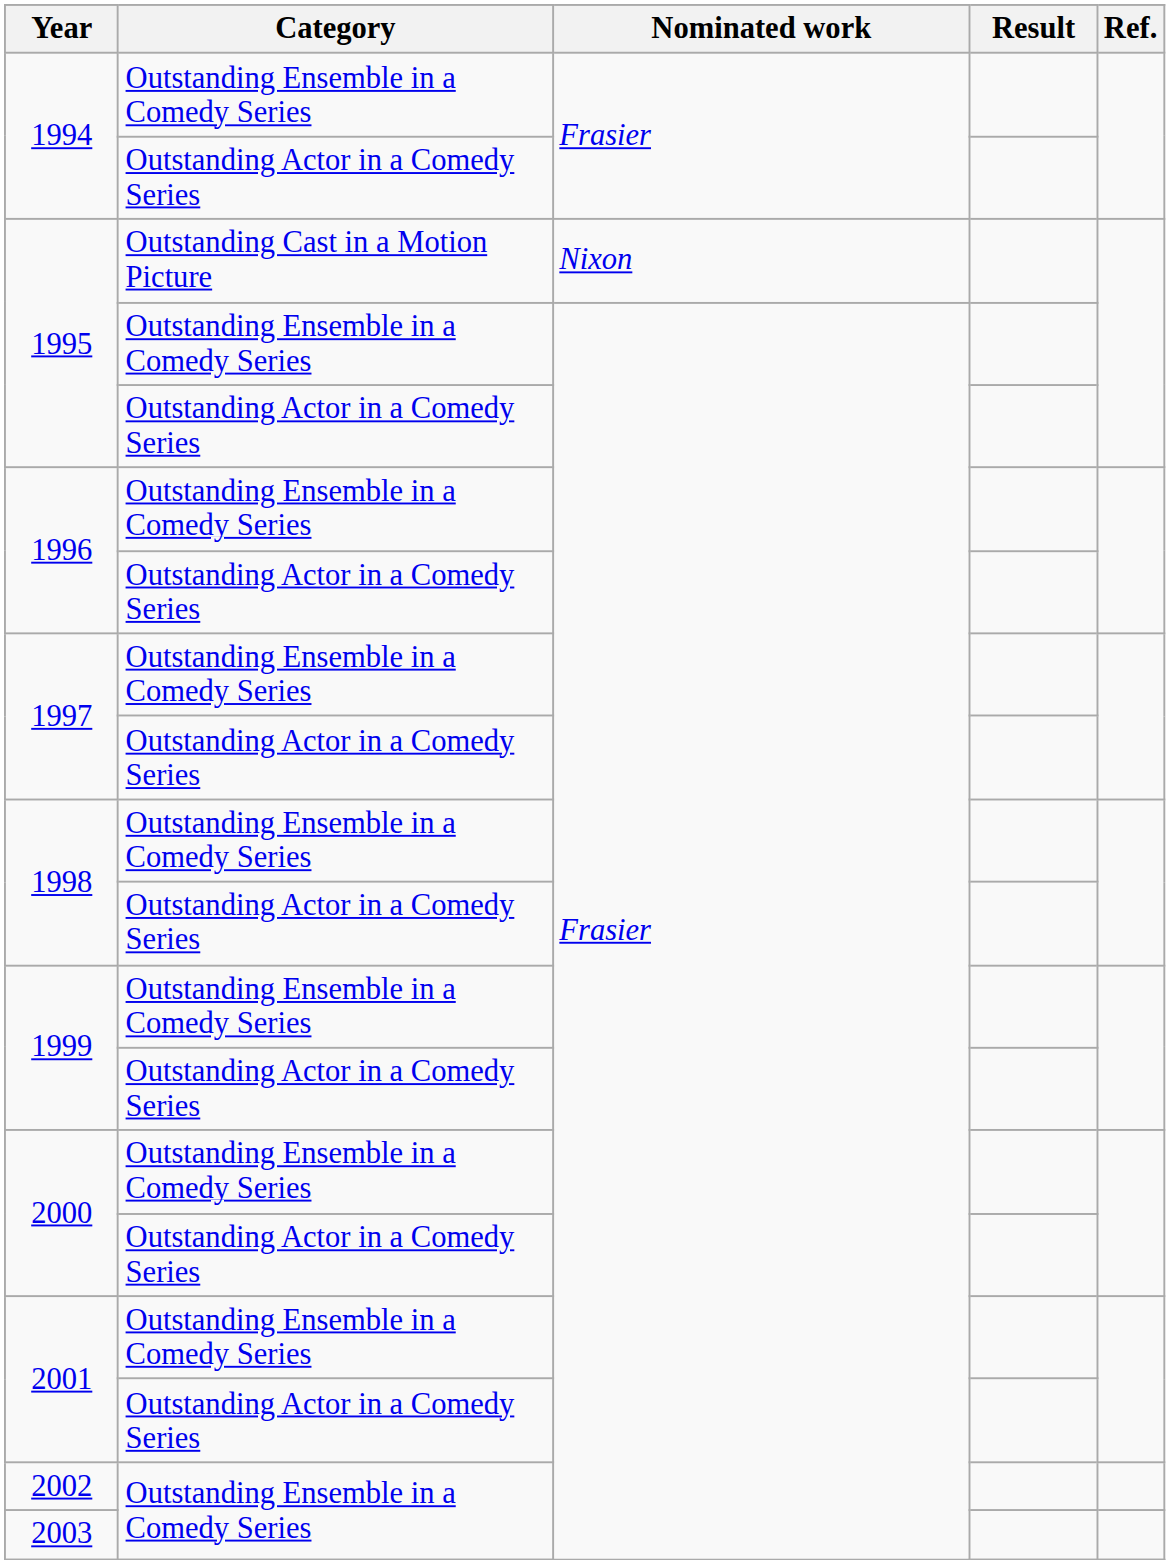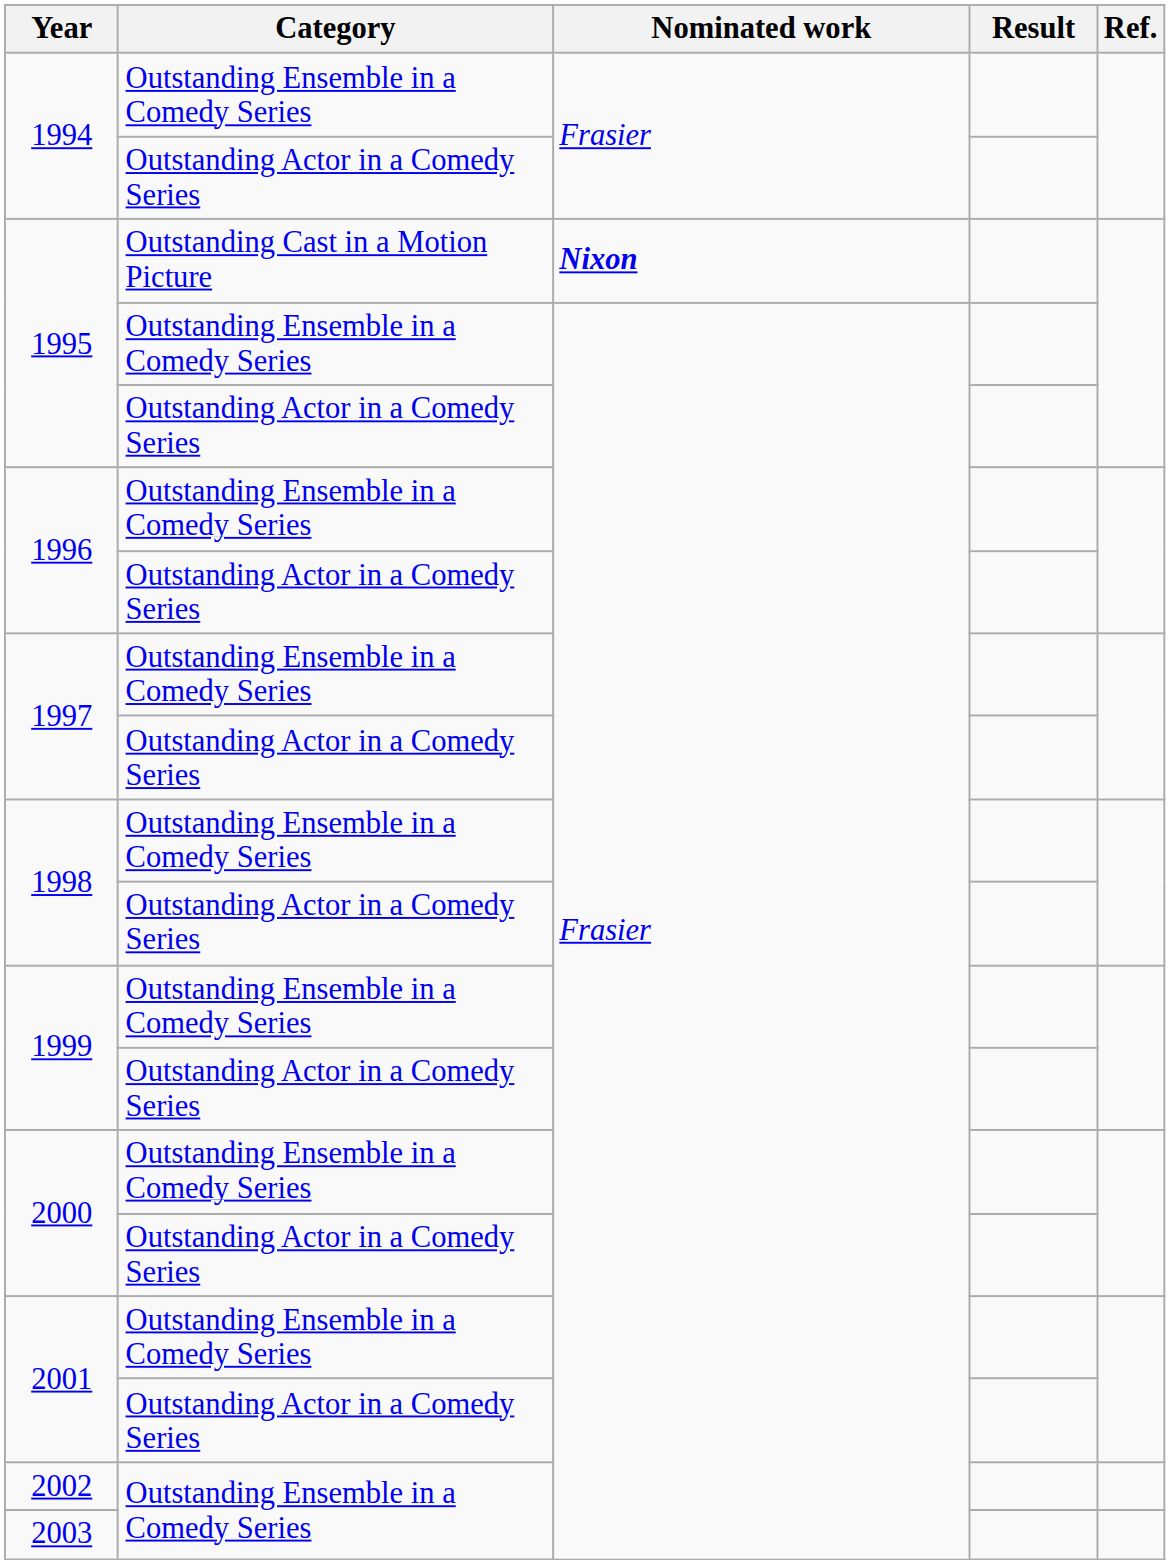 <table class=wikitable>
 <tr>
 <th scope="col" style="width:5em;">Year</th>
 <th scope="col" style="width:26em;">Category</th>
 <th scope="col" style="width:25em;">Nominated work</th>
 <th scope="col" style="width:5em;">Result</th>
 <th>Ref.</th>
 </tr>
 <tr>
 <td style="text-align:center;", rowspan=2><a href='#'>1994</a></td>
 <td><a href='#'>Outstanding Ensemble in a Comedy Series</a></td>
 <td rowspan=2><em><a href='#'>Frasier</a></em></td>
 <td></td>
 <td rowspan=2></td>
 </tr>
 <tr>
 <td><a href='#'>Outstanding Actor in a Comedy Series</a></td>
 <td></td>
 </tr>
 <tr>
 <td style="text-align:center;", rowspan=3><a href='#'>1995</a></td>
 <td><a href='#'>Outstanding Cast in a Motion Picture</a></td>
-<td><em><a href='#'>Nixon</a></em></td>
+<td><strong><em><a href='#'>Nixon</a></em></strong></td>
 <td></td>
 <td rowspan=3></td>
 </tr>
 <tr>
 <td><a href='#'>Outstanding Ensemble in a Comedy Series</a></td>
 <td rowspan=18><em><a href='#'>Frasier</a></em></td>
 <td></td>
 </tr>
 <tr>
 <td><a href='#'>Outstanding Actor in a Comedy Series</a></td>
 <td></td>
 </tr>
 <tr>
 <td style="text-align:center;", rowspan=2><a href='#'>1996</a></td>
 <td><a href='#'>Outstanding Ensemble in a Comedy Series</a></td>
 <td></td>
 <td rowspan=2></td>
 </tr>
 <tr>
 <td><a href='#'>Outstanding Actor in a Comedy Series</a></td>
 <td></td>
 </tr>
 <tr>
 <td style="text-align:center;", rowspan=2><a href='#'>1997</a></td>
 <td><a href='#'>Outstanding Ensemble in a Comedy Series</a></td>
 <td></td>
 <td rowspan=2></td>
 </tr>
 <tr>
 <td><a href='#'>Outstanding Actor in a Comedy Series</a></td>
 <td></td>
 </tr>
 <tr>
 <td style="text-align:center;", rowspan=2><a href='#'>1998</a></td>
 <td><a href='#'>Outstanding Ensemble in a Comedy Series</a></td>
 <td></td>
 <td rowspan=2></td>
 </tr>
 <tr>
 <td><a href='#'>Outstanding Actor in a Comedy Series</a></td>
 <td></td>
 </tr>
 <tr>
 <td style="text-align:center;", rowspan=2><a href='#'>1999</a></td>
 <td><a href='#'>Outstanding Ensemble in a Comedy Series</a></td>
 <td></td>
 <td rowspan=2></td>
 </tr>
 <tr>
 <td><a href='#'>Outstanding Actor in a Comedy Series</a></td>
 <td></td>
 </tr>
 <tr>
 <td style="text-align:center;", rowspan=2><a href='#'>2000</a></td>
 <td><a href='#'>Outstanding Ensemble in a Comedy Series</a></td>
 <td></td>
 <td rowspan=2></td>
 </tr>
 <tr>
 <td><a href='#'>Outstanding Actor in a Comedy Series</a></td>
 <td></td>
 </tr>
 <tr>
 <td style="text-align:center;", rowspan=2><a href='#'>2001</a></td>
 <td><a href='#'>Outstanding Ensemble in a Comedy Series</a></td>
 <td></td>
 <td rowspan=2></td>
 </tr>
 <tr>
 <td><a href='#'>Outstanding Actor in a Comedy Series</a></td>
 <td></td>
 </tr>
 <tr>
 <td style="text-align:center;"><a href='#'>2002</a></td>
 <td rowspan=2><a href='#'>Outstanding Ensemble in a Comedy Series</a></td>
 <td></td>
 <td></td>
 </tr>
 <tr>
 <td style="text-align:center;"><a href='#'>2003</a></td>
 <td></td>
 <td></td>
 </tr>
 <tr>
 </tr>
 </table>
